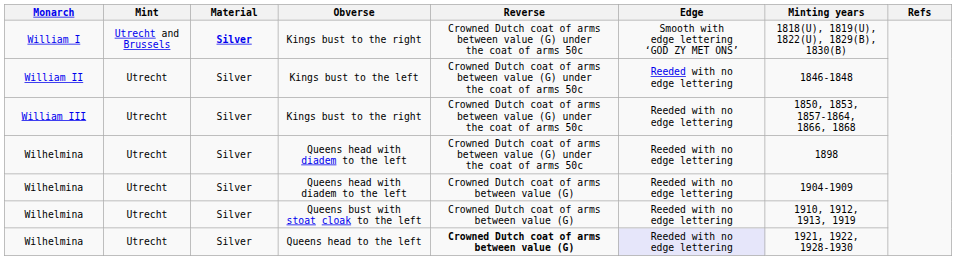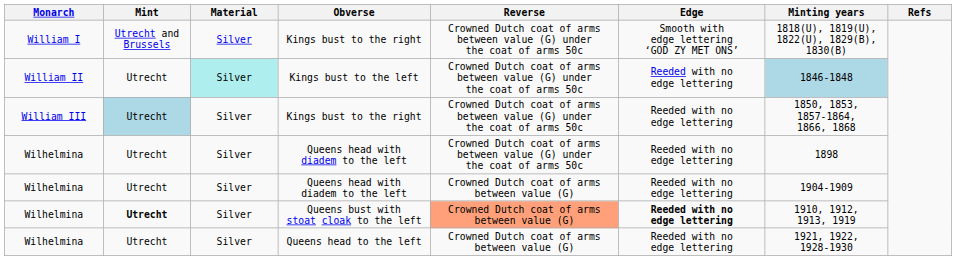 <table class="wikitable" style="width:100%; text-align: center">
 <tr>
 <th width=    1%><a href='#'>Monarch</a></th>
 <th width=    1%>Mint</th>
 <th width=    1%>Material</th>
 <th width=    3%>Obverse</th>
 <th width=    4%>Reverse</th>
 <th width=  2.5%>Edge</th>
 <th width=    2%>Minting years</th>
 <th width=    1%>Refs</th>
 </tr>
 <tr>
 <td><a href='#'>William I</a></td>
 <td><a href='#'>Utrecht</a> and <a href='#'>Brussels</a></td>
-<td><strong><a href='#'>Silver</a></strong></td>
+<td><a href='#'>Silver</a></td>
 <td>Kings bust to the right</td>
 <td>Crowned Dutch coat of arms<br> between value (G) under<br> the coat of arms 50c</td>
 <td>Smooth with<br> edge lettering<br> ‘GOD ZY MET ONS’</td>
 <td>1818(U), 1819(U), 1822(U), 1829(B), 1830(B)</td>
 <td rowspan="7"></td>
 </tr>
 <tr>
 <td><a href='#'>William II</a></td>
 <td>Utrecht</td>
-<td>Silver</td>
+<td style="background: paleturquoise;">Silver</td>
 <td>Kings bust to the left</td>
 <td>Crowned Dutch coat of arms<br> between value (G) under<br> the coat of arms 50c</td>
 <td><a href='#'>Reeded</a> with no<br>  edge lettering</td>
-<td>1846-1848</td>
+<td style="background: lightblue;">1846-1848</td>
 </tr>
 <tr>
 <td><a href='#'>William III</a></td>
-<td>Utrecht</td>
+<td style="background: lightblue;">Utrecht</td>
 <td>Silver</td>
 <td>Kings bust to the right</td>
 <td>Crowned Dutch coat of arms<br> between value (G) under<br> the coat of arms 50c</td>
 <td>Reeded with no<br> edge lettering</td>
 <td>1850, 1853,<br> 1857-1864,<br> 1866, 1868</td>
 </tr>
 <tr>
 <td>Wilhelmina</td>
 <td>Utrecht</td>
 <td>Silver</td>
 <td>Queens head with<br> <a href='#'>diadem</a> to the left</td>
 <td>Crowned Dutch coat of arms<br> between value (G) under<br> the coat of arms 50c</td>
 <td>Reeded with no<br> edge lettering</td>
 <td>1898</td>
 </tr>
 <tr>
 <td>Wilhelmina</td>
 <td>Utrecht</td>
 <td>Silver</td>
 <td>Queens head with<br> diadem to the left</td>
 <td>Crowned Dutch coat of arms<br> between value (G)</td>
 <td>Reeded with no<br> edge lettering</td>
 <td>1904-1909</td>
 </tr>
 <tr>
 <td>Wilhelmina</td>
-<td>Utrecht</td>
+<td><strong>Utrecht</strong></td>
 <td>Silver</td>
 <td>Queens bust with <br><a href='#'>stoat</a> <a href='#'>cloak</a> to the left</td>
-<td>Crowned Dutch coat of arms<br> between value (G)</td>
-<td>Reeded with no<br> edge lettering</td>
+<td style="background: lightsalmon;">Crowned Dutch coat of arms<br> between value (G)</td>
+<td><strong>Reeded with no<br> edge lettering</strong></td>
 <td>1910, 1912,<br> 1913, 1919</td>
 </tr>
 <tr>
 <td>Wilhelmina</td>
 <td>Utrecht</td>
 <td>Silver</td>
 <td>Queens head to the left</td>
-<td><strong>Crowned Dutch coat of arms<br> between value (G)</strong></td>
-<td style="background: lavender;">Reeded with no<br> edge lettering</td>
+<td>Crowned Dutch coat of arms<br> between value (G)</td>
+<td>Reeded with no<br> edge lettering</td>
 <td>1921, 1922,<br> 1928-1930</td>
 </tr>
 </table>
